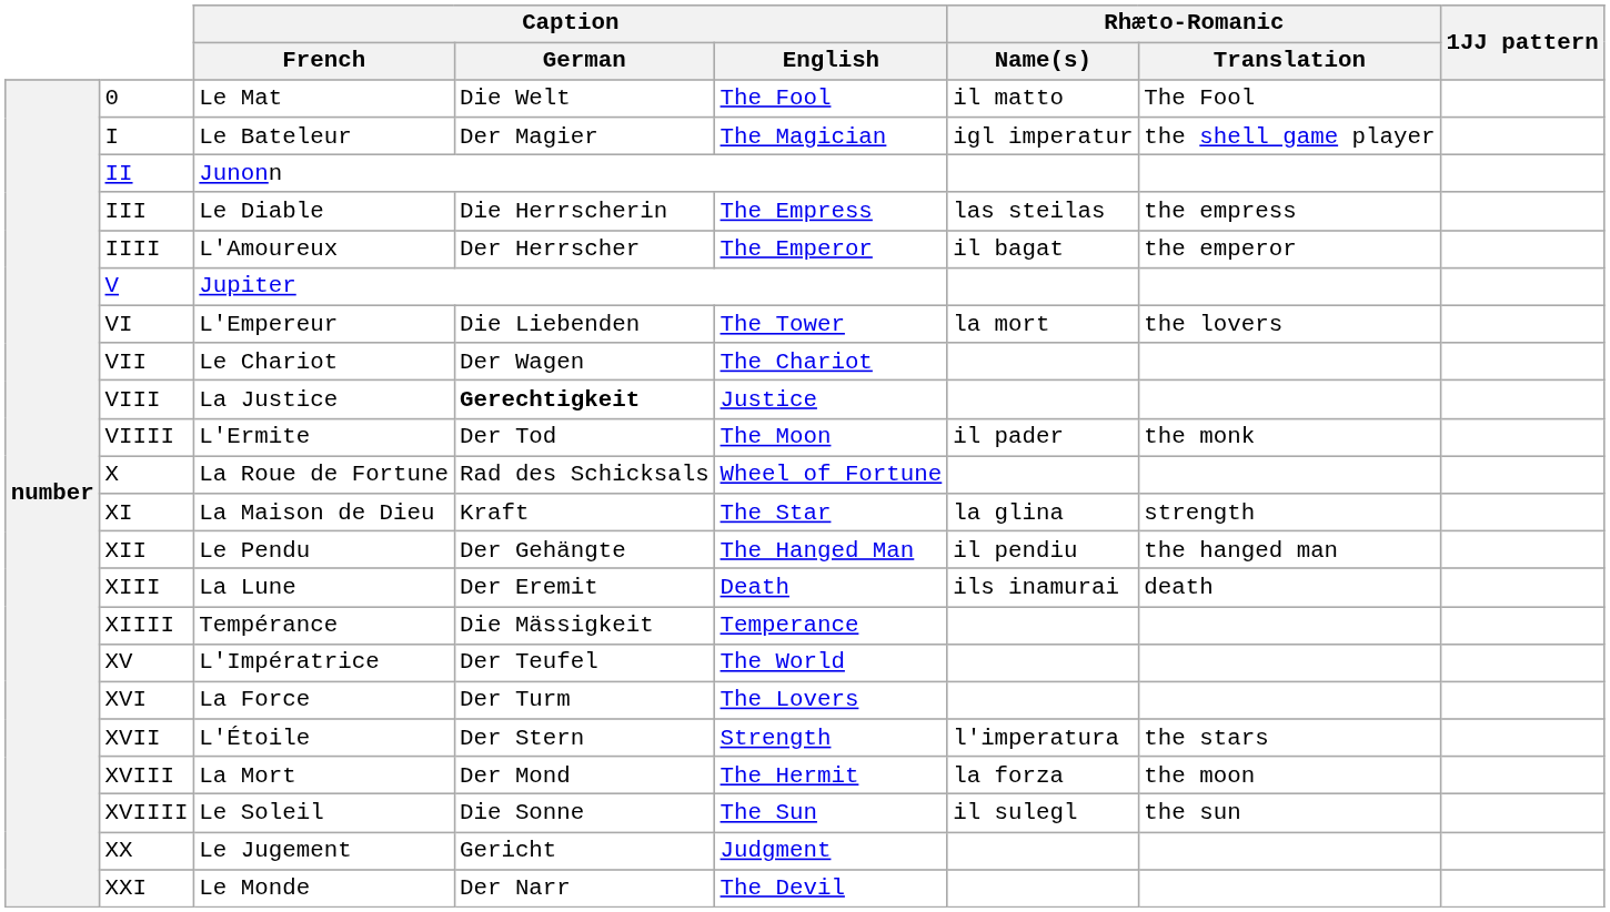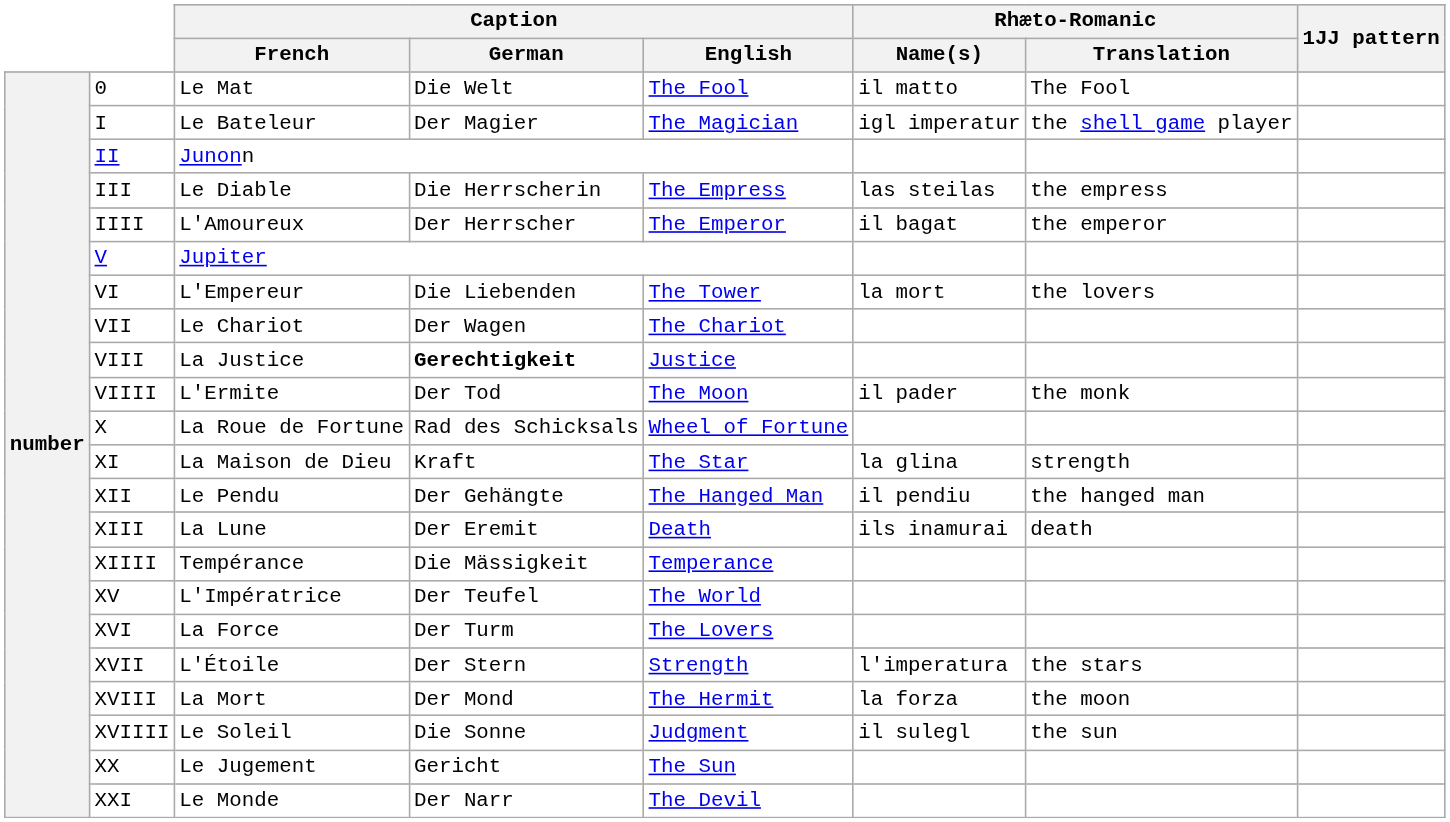 <table class=wikitable style="border: none; background: none;">
 <tr>
 <th colspan=2 rowspan=3 style="border: none; background: none;"></th>
 </tr>
 <tr>
 <th colspan=3>Caption</th>
 <th colspan=2>Rhæto-Romanic</th>
 <th colspan=1 rowspan=2>1JJ pattern</th>
 </tr>
 <tr>
 <th>French</th>
 <th>German</th>
 <th>English</th>
 <th>Name(s)</th>
 <th>Translation</th>
 </tr>
 <tr>
 <th rowspan=22>number</th>
 <td>0</td>
 <td>Le Mat</td>
 <td>Die Welt</td>
 <td><a href='#'>The Fool</a></td>
 <td>il matto</td>
 <td>The Fool</td>
 <td></td>
 </tr>
 <tr>
 <td>I</td>
 <td>Le Bateleur</td>
 <td>Der Magier</td>
 <td><a href='#'>The Magician</a></td>
 <td>igl imperatur</td>
 <td>the <a href='#'>shell game</a> player</td>
 <td></td>
 </tr>
 <tr>
 <td><a href='#'>II</a></td>
 <td colspan=3><a href='#'>Junon</a>n</td>
 <td></td>
 <td></td>
 <td></td>
 </tr>
 <tr>
 <td>III</td>
 <td>Le Diable</td>
 <td>Die Herrscherin</td>
 <td><a href='#'>The Empress</a></td>
 <td>las steilas</td>
 <td>the empress</td>
 <td></td>
 </tr>
 <tr>
 <td>IIII</td>
 <td>L'Amoureux</td>
 <td>Der Herrscher</td>
 <td><a href='#'>The Emperor</a></td>
 <td>il bagat</td>
 <td>the emperor</td>
 <td></td>
 </tr>
 <tr>
 <td><a href='#'>V</a></td>
 <td colspan=3><a href='#'>Jupiter</a></td>
 <td></td>
 <td></td>
 <td></td>
 </tr>
 <tr>
 <td>VI</td>
 <td>L'Empereur</td>
 <td>Die Liebenden</td>
 <td><a href='#'>The Tower</a></td>
 <td>la mort</td>
 <td>the lovers</td>
 <td></td>
 </tr>
 <tr>
 <td>VII</td>
 <td>Le Chariot</td>
 <td>Der Wagen</td>
 <td><a href='#'>The Chariot</a></td>
 <td></td>
 <td></td>
 <td></td>
 </tr>
 <tr>
 <td>VIII</td>
 <td>La Justice</td>
 <td><strong>Gerechtigkeit</strong></td>
 <td><a href='#'>Justice</a></td>
 <td></td>
 <td></td>
 <td></td>
 </tr>
 <tr>
 <td>VIIII</td>
 <td>L'Ermite</td>
 <td>Der Tod</td>
 <td><a href='#'>The Moon</a></td>
 <td>il pader</td>
 <td>the monk</td>
 <td></td>
 </tr>
 <tr>
 <td>X</td>
 <td>La Roue de Fortune</td>
 <td>Rad des Schicksals</td>
 <td><a href='#'>Wheel of Fortune</a></td>
 <td></td>
 <td></td>
 <td></td>
 </tr>
 <tr>
 <td>XI</td>
 <td>La Maison de Dieu</td>
 <td>Kraft</td>
 <td><a href='#'>The Star</a></td>
 <td>la glina</td>
 <td>strength</td>
 <td></td>
 </tr>
 <tr>
 <td>XII</td>
 <td>Le Pendu</td>
 <td>Der Gehängte</td>
 <td><a href='#'>The Hanged Man</a></td>
 <td>il pendiu</td>
 <td>the hanged man</td>
 <td></td>
 </tr>
 <tr>
 <td>XIII</td>
 <td>La Lune</td>
 <td>Der Eremit</td>
 <td><a href='#'>Death</a></td>
 <td>ils inamurai</td>
 <td>death</td>
 <td></td>
 </tr>
 <tr>
 <td>XIIII</td>
 <td>Tempérance</td>
 <td>Die Mässigkeit</td>
 <td><a href='#'>Temperance</a></td>
 <td></td>
 <td></td>
 <td></td>
 </tr>
 <tr>
 <td>XV</td>
 <td>L'Impératrice</td>
 <td>Der Teufel</td>
 <td><a href='#'>The World</a></td>
 <td></td>
 <td></td>
 <td></td>
 </tr>
 <tr>
 <td>XVI</td>
 <td>La Force</td>
 <td>Der Turm</td>
 <td><a href='#'>The Lovers</a></td>
 <td></td>
 <td></td>
 <td></td>
 </tr>
 <tr>
 <td>XVII</td>
 <td>L'Étoile</td>
 <td>Der Stern</td>
 <td><a href='#'>Strength</a></td>
 <td>l'imperatura</td>
 <td>the stars</td>
 <td></td>
 </tr>
 <tr>
 <td>XVIII</td>
 <td>La Mort</td>
 <td>Der Mond</td>
 <td><a href='#'>The Hermit</a></td>
 <td>la forza</td>
 <td>the moon</td>
 <td></td>
 </tr>
 <tr>
 <td>XVIIII</td>
 <td>Le Soleil</td>
 <td>Die Sonne</td>
-<td><a href='#'>The Sun</a></td>
+<td><a href='#'>Judgment</a></td>
 <td>il sulegl</td>
 <td>the sun</td>
 <td></td>
 </tr>
 <tr>
 <td>XX</td>
 <td>Le Jugement</td>
 <td>Gericht</td>
-<td><a href='#'>Judgment</a></td>
+<td><a href='#'>The Sun</a></td>
 <td></td>
 <td></td>
 <td></td>
 </tr>
 <tr>
 <td>XXI</td>
 <td>Le Monde</td>
 <td>Der Narr</td>
 <td><a href='#'>The Devil</a></td>
 <td></td>
 <td></td>
 <td></td>
 </tr>
 </table>
